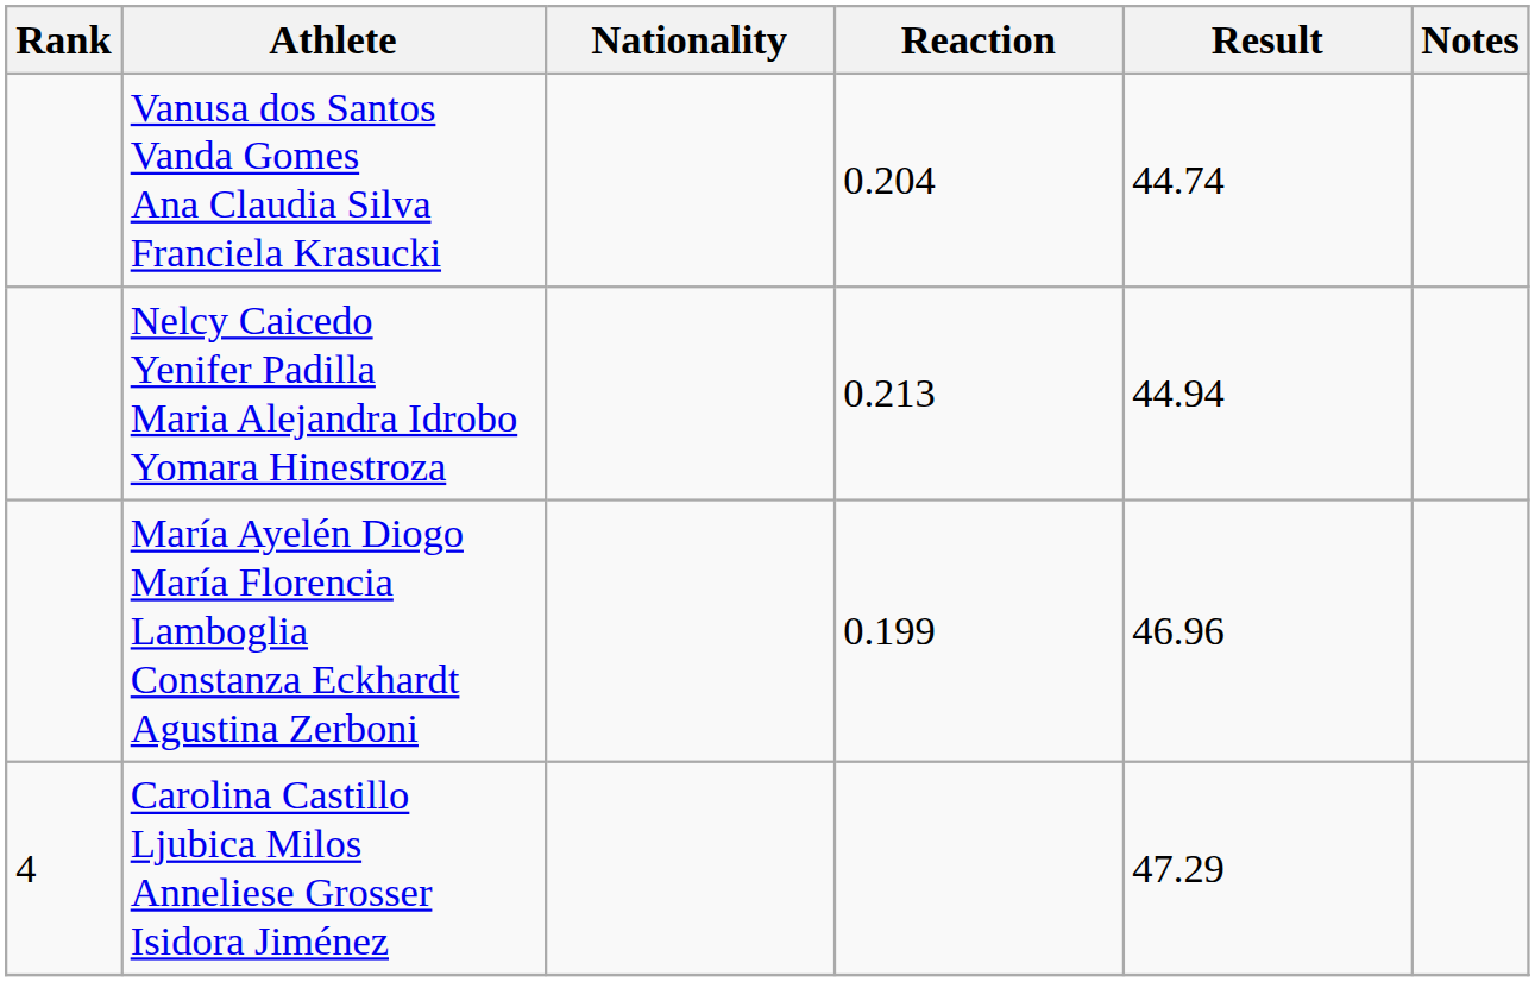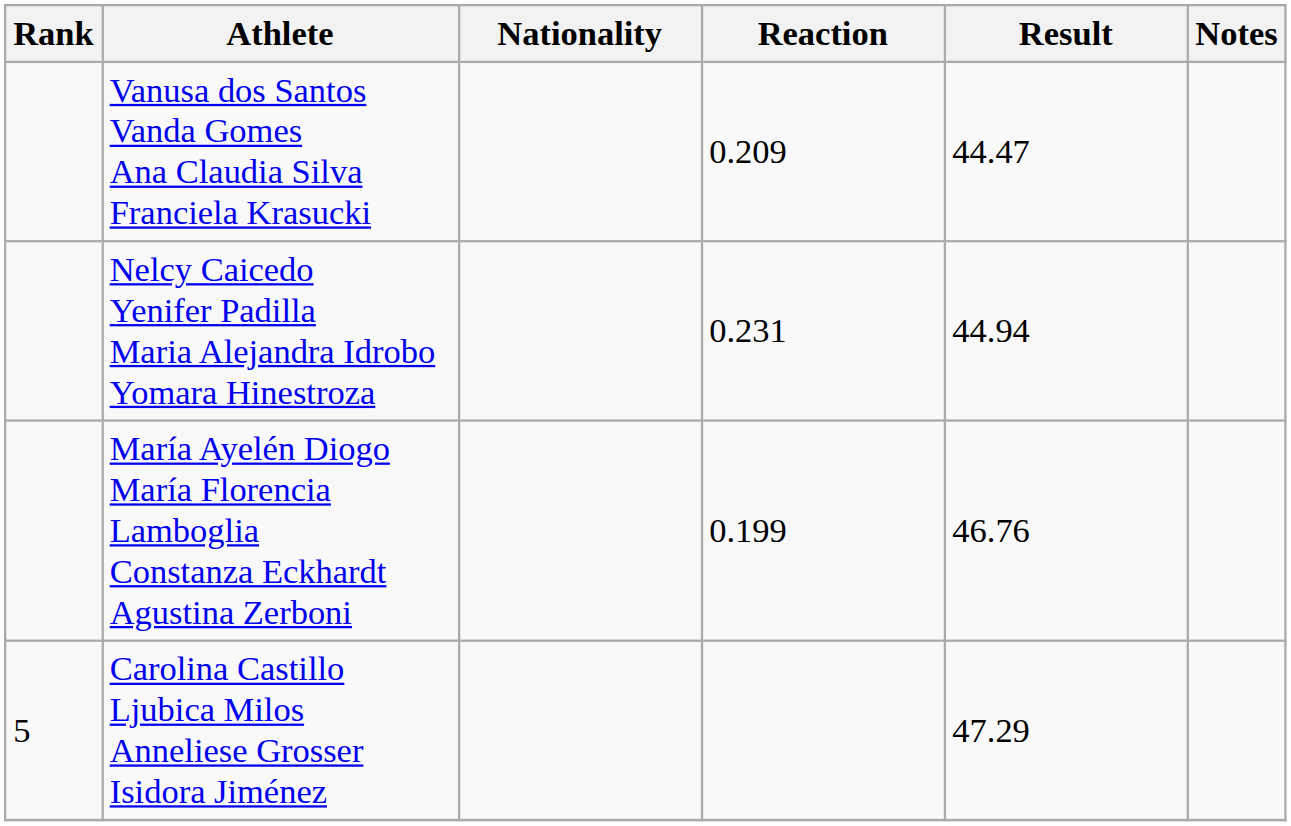 <table class="wikitable" style="font-size:95%" style="width:35em;" style="text-align:center">
 <tr>
 <th>Rank</th>
 <th width=150>Athlete</th>
 <th width=100>Nationality</th>
 <th width=100>Reaction</th>
 <th width=100>Result</th>
 <th>Notes</th>
 </tr>
 <tr>
 <td></td>
 <td align=left><a href='#'>Vanusa dos Santos</a><br><a href='#'>Vanda Gomes</a><br><a href='#'>Ana Claudia Silva</a><br><a href='#'>Franciela Krasucki</a></td>
 <td align=left></td>
-<td>0.204</td>
-<td>44.74</td>
+<td>0.209</td>
+<td>44.47</td>
 <td></td>
 </tr>
 <tr>
 <td></td>
 <td align=left><a href='#'>Nelcy Caicedo</a><br><a href='#'>Yenifer Padilla</a><br><a href='#'>Maria Alejandra Idrobo</a><br><a href='#'>Yomara Hinestroza</a></td>
 <td align=left></td>
-<td>0.213</td>
+<td>0.231</td>
 <td>44.94</td>
 <td></td>
 </tr>
 <tr>
 <td></td>
 <td align=left><a href='#'>María Ayelén Diogo</a><br><a href='#'>María Florencia Lamboglia</a><br><a href='#'>Constanza Eckhardt</a><br><a href='#'>Agustina Zerboni</a></td>
 <td align=left></td>
 <td>0.199</td>
-<td>46.96</td>
+<td>46.76</td>
 <td></td>
 </tr>
 <tr>
-<td>4</td>
+<td>5</td>
 <td align=left><a href='#'>Carolina Castillo</a><br><a href='#'>Ljubica Milos</a><br><a href='#'>Anneliese Grosser</a><br><a href='#'>Isidora Jiménez</a></td>
 <td align=left></td>
 <td></td>
 <td>47.29</td>
 <td></td>
 </tr>
 <tr>
 </tr>
 </table>
